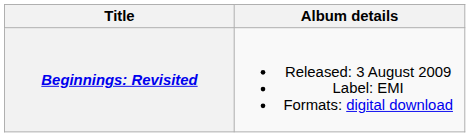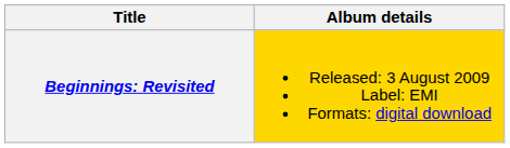 <table class="wikitable plainrowheaders" style="text-align:center;">
 <tr>
 <th scope="col" style="width:15em;">Title</th>
 <th scope="col" style="width:15em;">Album details</th>
 </tr>
 <tr>
 <th scope="row"><em><a href='#'>Beginnings: Revisited</a></em></th>
-<td><br><ul><li>Released: 3 August 2009</li><li>Label: EMI</li><li>Formats: <a href='#'>digital download</a></li></ul></td>
+<td style="background: gold;"><br><ul><li>Released: 3 August 2009</li><li>Label: EMI</li><li>Formats: <a href='#'>digital download</a></li></ul></td>
 </tr>
 </table>
